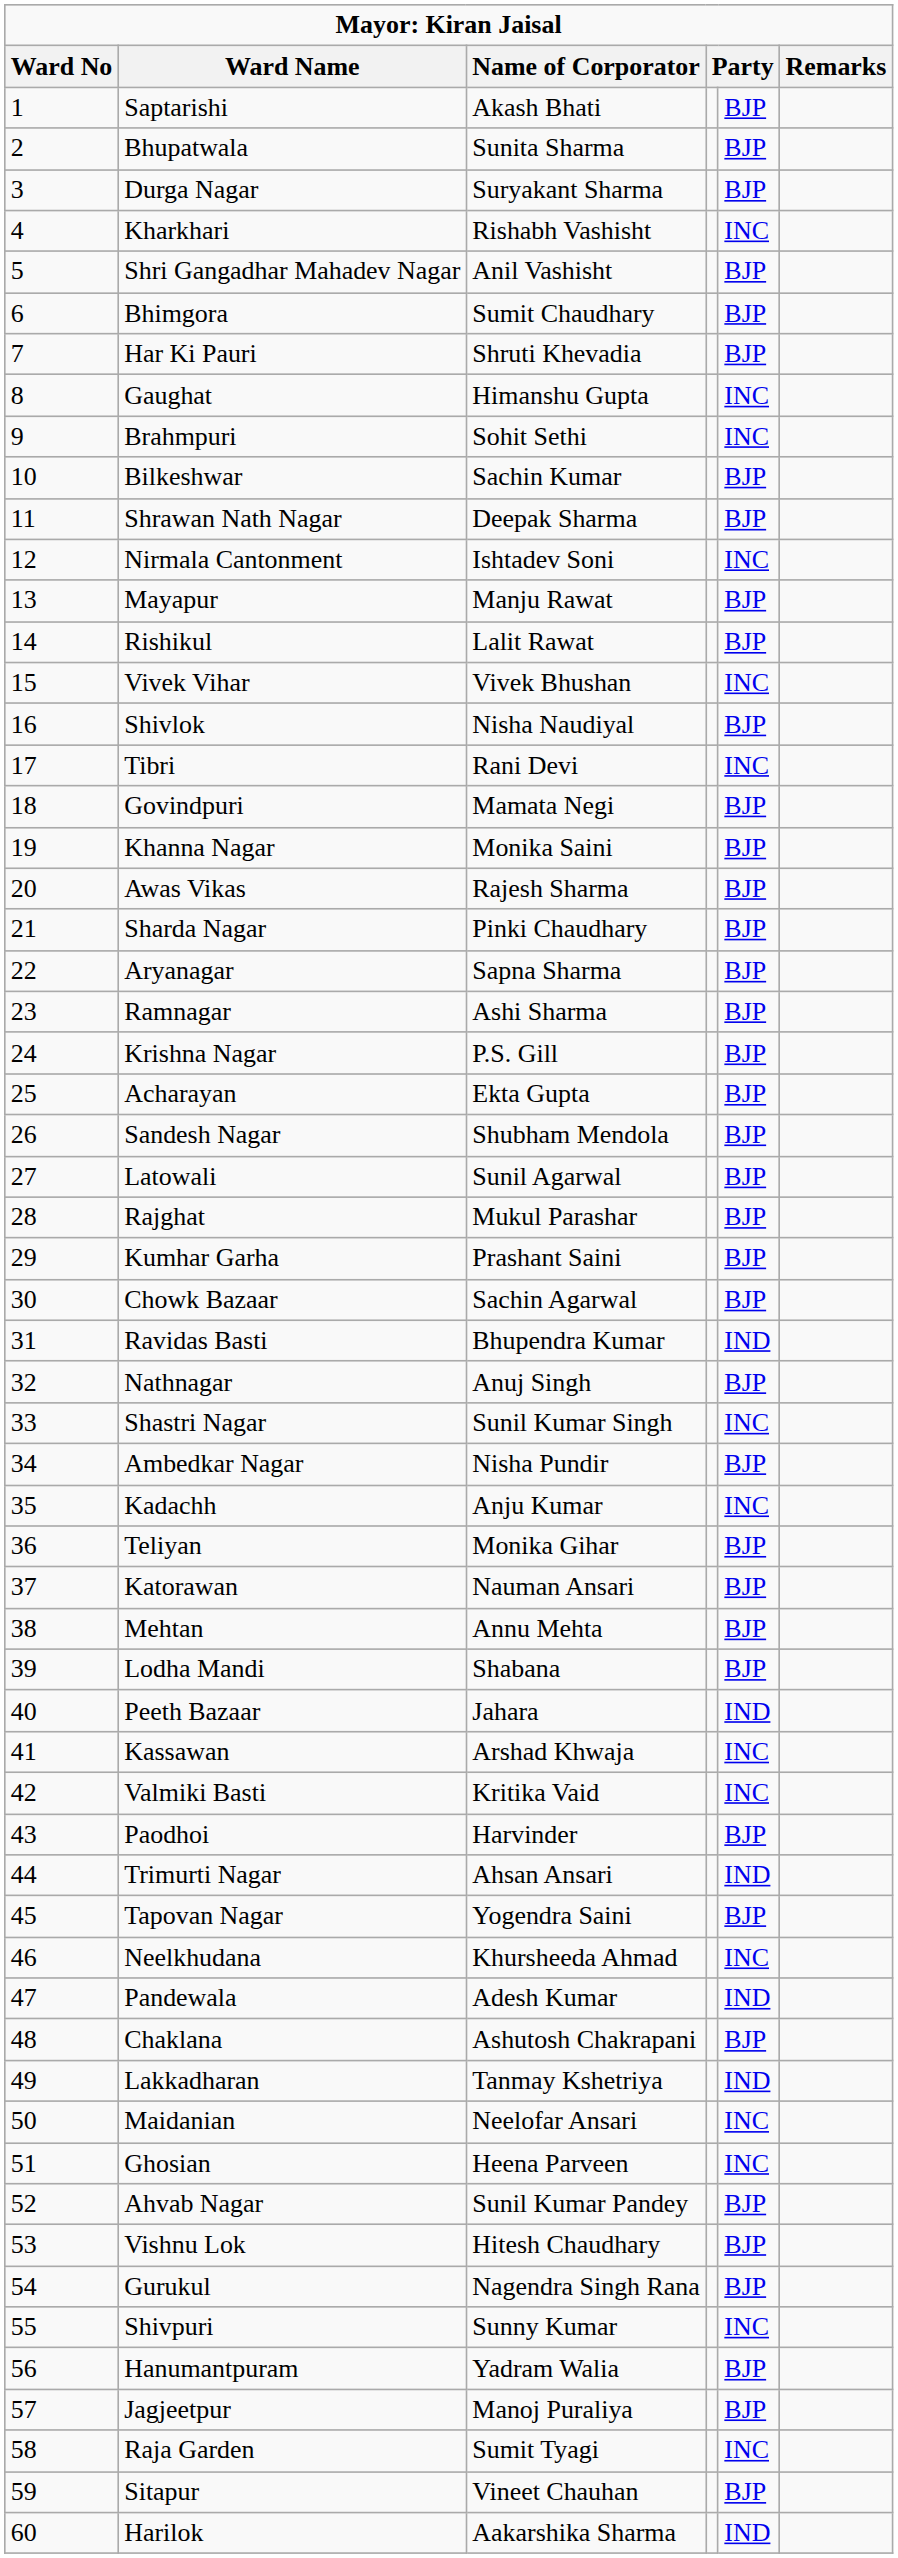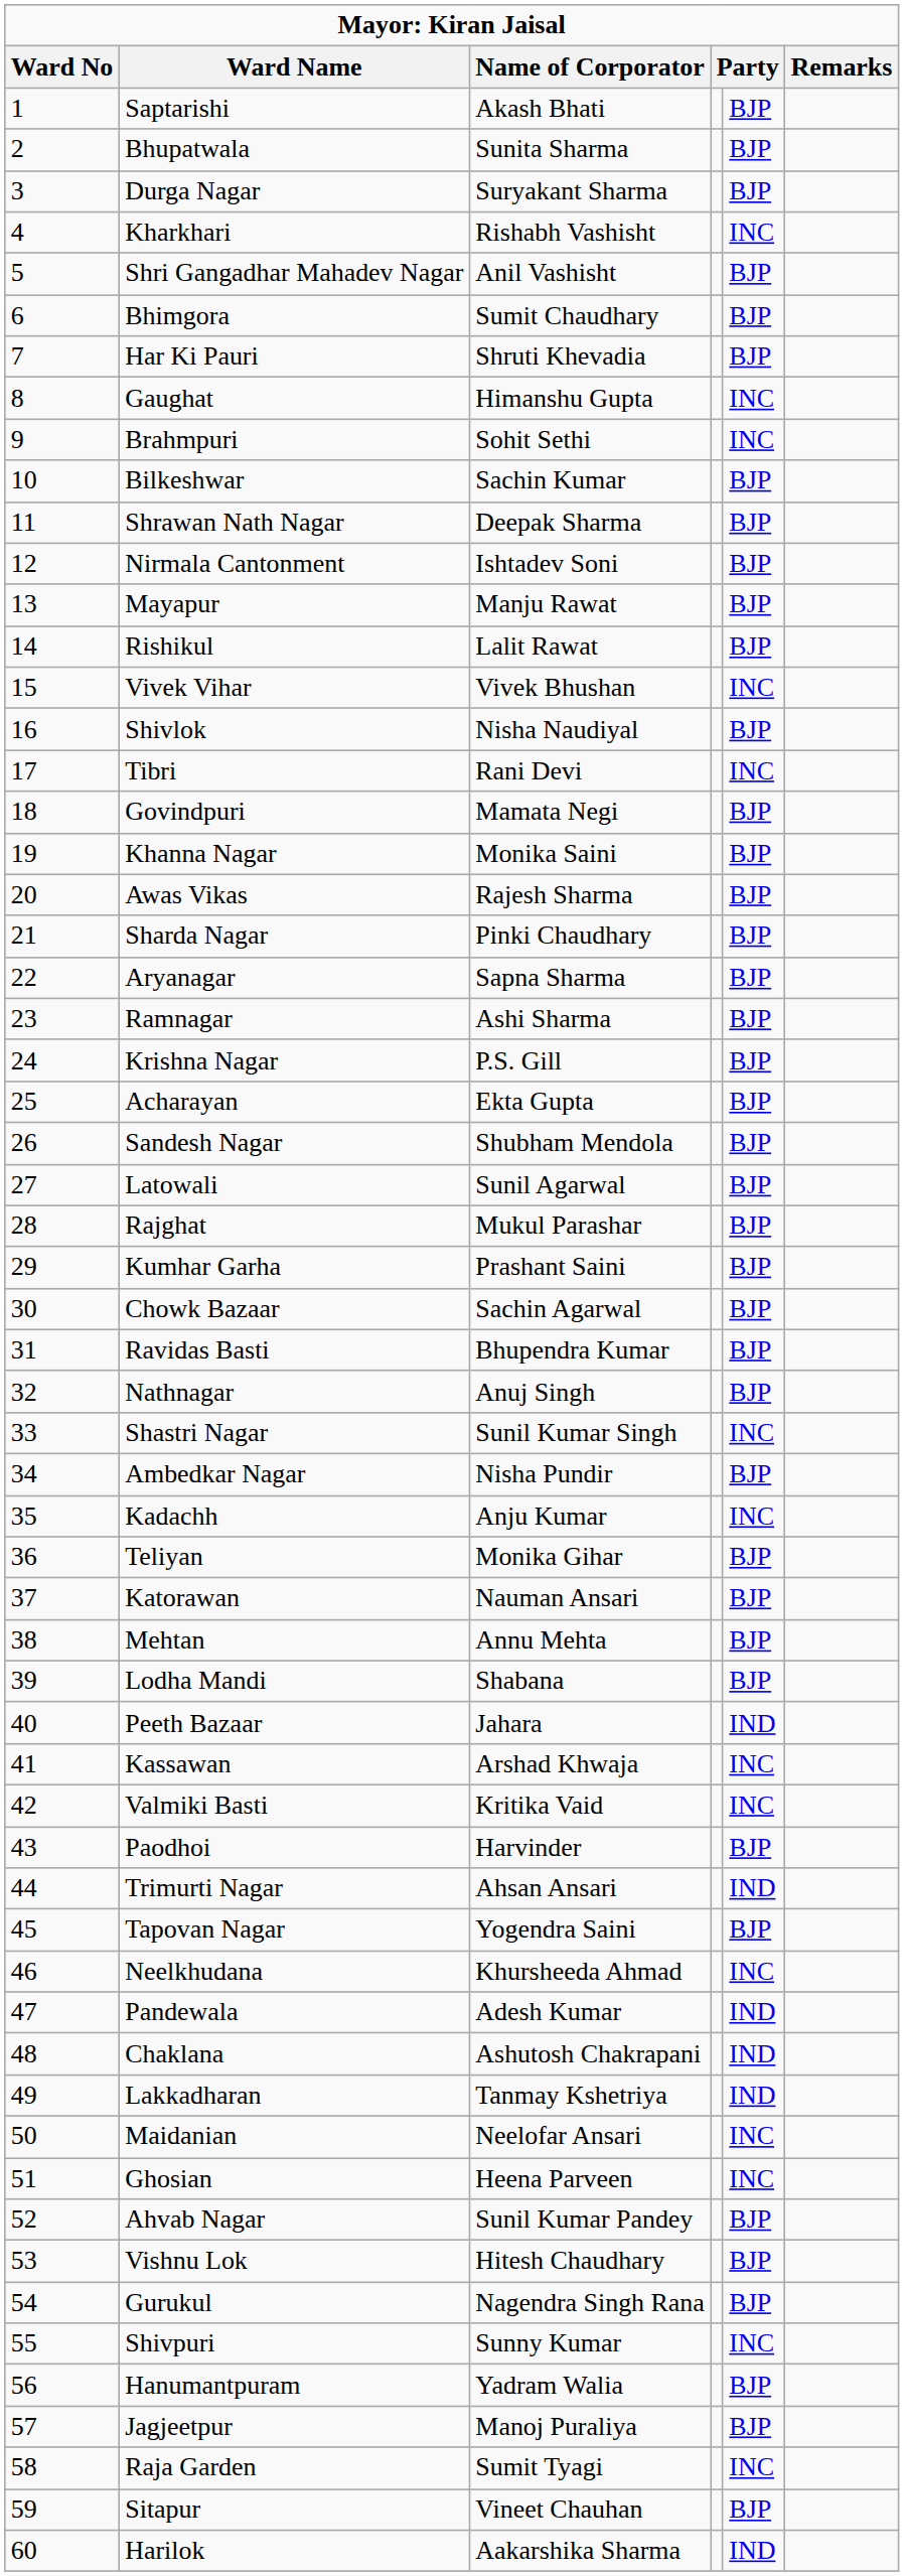 <table class="wikitable">
 <tr>
 <td colspan=6 align=center><span><strong>Mayor: Kiran Jaisal</strong></span></td>
 </tr>
 <tr>
 <th>Ward No</th>
 <th>Ward Name</th>
 <th>Name of Corporator</th>
 <th colspan="2">Party</th>
 <th>Remarks</th>
 </tr>
 <tr>
 <td>1</td>
 <td>Saptarishi</td>
 <td>Akash Bhati</td>
 <td style="background-color: "></td>
 <td><a href='#'>BJP</a></td>
 <td></td>
 </tr>
 <tr>
 <td>2</td>
 <td>Bhupatwala</td>
 <td>Sunita Sharma</td>
 <td style="background-color: "></td>
 <td><a href='#'>BJP</a></td>
 <td></td>
 </tr>
 <tr>
 <td>3</td>
 <td>Durga Nagar</td>
 <td>Suryakant Sharma</td>
 <td style="background-color: "></td>
 <td><a href='#'>BJP</a></td>
 <td></td>
 </tr>
 <tr>
 <td>4</td>
 <td>Kharkhari</td>
 <td>Rishabh Vashisht</td>
 <td style="background-color: "></td>
 <td><a href='#'>INC</a></td>
 <td></td>
 </tr>
 <tr>
 <td>5</td>
 <td>Shri Gangadhar Mahadev Nagar</td>
 <td>Anil Vashisht</td>
 <td style="background-color: "></td>
 <td><a href='#'>BJP</a></td>
 <td></td>
 </tr>
 <tr>
 <td>6</td>
 <td>Bhimgora</td>
 <td>Sumit Chaudhary</td>
 <td style="background-color: "></td>
 <td><a href='#'>BJP</a></td>
 <td></td>
 </tr>
 <tr>
 <td>7</td>
 <td>Har Ki Pauri</td>
 <td>Shruti Khevadia</td>
 <td style="background-color: "></td>
 <td><a href='#'>BJP</a></td>
 <td></td>
 </tr>
 <tr>
 <td>8</td>
 <td>Gaughat</td>
 <td>Himanshu Gupta</td>
 <td style="background-color: "></td>
 <td><a href='#'>INC</a></td>
 <td></td>
 </tr>
 <tr>
 <td>9</td>
 <td>Brahmpuri</td>
 <td>Sohit Sethi</td>
 <td style="background-color: "></td>
 <td><a href='#'>INC</a></td>
 <td></td>
 </tr>
 <tr>
 <td>10</td>
 <td>Bilkeshwar</td>
 <td>Sachin Kumar</td>
 <td style="background-color: "></td>
 <td><a href='#'>BJP</a></td>
 <td></td>
 </tr>
 <tr>
 <td>11</td>
 <td>Shrawan Nath Nagar</td>
 <td>Deepak Sharma</td>
 <td style="background-color: "></td>
 <td><a href='#'>BJP</a></td>
 <td></td>
 </tr>
 <tr>
 <td>12</td>
 <td>Nirmala Cantonment</td>
 <td>Ishtadev Soni</td>
 <td style="background-color: "></td>
-<td><a href='#'>INC</a></td>
+<td><a href='#'>BJP</a></td>
 <td></td>
 </tr>
 <tr>
 <td>13</td>
 <td>Mayapur</td>
 <td>Manju Rawat</td>
 <td style="background-color: "></td>
 <td><a href='#'>BJP</a></td>
 <td></td>
 </tr>
 <tr>
 <td>14</td>
 <td>Rishikul</td>
 <td>Lalit Rawat</td>
 <td style="background-color: "></td>
 <td><a href='#'>BJP</a></td>
 <td></td>
 </tr>
 <tr>
 <td>15</td>
 <td>Vivek Vihar</td>
 <td>Vivek Bhushan</td>
 <td style="background-color: "></td>
 <td><a href='#'>INC</a></td>
 <td></td>
 </tr>
 <tr>
 <td>16</td>
 <td>Shivlok</td>
 <td>Nisha Naudiyal</td>
 <td style="background-color: "></td>
 <td><a href='#'>BJP</a></td>
 <td></td>
 </tr>
 <tr>
 <td>17</td>
 <td>Tibri</td>
 <td>Rani Devi</td>
 <td style="background-color: "></td>
 <td><a href='#'>INC</a></td>
 <td></td>
 </tr>
 <tr>
 <td>18</td>
 <td>Govindpuri</td>
 <td>Mamata Negi</td>
 <td style="background-color: "></td>
 <td><a href='#'>BJP</a></td>
 <td></td>
 </tr>
 <tr>
 <td>19</td>
 <td>Khanna Nagar</td>
 <td>Monika Saini</td>
 <td style="background-color: "></td>
 <td><a href='#'>BJP</a></td>
 <td></td>
 </tr>
 <tr>
 <td>20</td>
 <td>Awas Vikas</td>
 <td>Rajesh Sharma</td>
 <td style="background-color: "></td>
 <td><a href='#'>BJP</a></td>
 <td></td>
 </tr>
 <tr>
 <td>21</td>
 <td>Sharda Nagar</td>
 <td>Pinki Chaudhary</td>
 <td style="background-color: "></td>
 <td><a href='#'>BJP</a></td>
 <td></td>
 </tr>
 <tr>
 <td>22</td>
 <td>Aryanagar</td>
 <td>Sapna Sharma</td>
 <td style="background-color: "></td>
 <td><a href='#'>BJP</a></td>
 <td></td>
 </tr>
 <tr>
 <td>23</td>
 <td>Ramnagar</td>
 <td>Ashi Sharma</td>
 <td style="background-color: "></td>
 <td><a href='#'>BJP</a></td>
 <td></td>
 </tr>
 <tr>
 <td>24</td>
 <td>Krishna Nagar</td>
 <td>P.S. Gill</td>
 <td style="background-color: "></td>
 <td><a href='#'>BJP</a></td>
 <td></td>
 </tr>
 <tr>
 <td>25</td>
 <td>Acharayan</td>
 <td>Ekta Gupta</td>
 <td style="background-color: "></td>
 <td><a href='#'>BJP</a></td>
 <td></td>
 </tr>
 <tr>
 <td>26</td>
 <td>Sandesh Nagar</td>
 <td>Shubham Mendola</td>
 <td style="background-color: "></td>
 <td><a href='#'>BJP</a></td>
 <td></td>
 </tr>
 <tr>
 <td>27</td>
 <td>Latowali</td>
 <td>Sunil Agarwal</td>
 <td style="background-color: "></td>
 <td><a href='#'>BJP</a></td>
 <td></td>
 </tr>
 <tr>
 <td>28</td>
 <td>Rajghat</td>
 <td>Mukul Parashar</td>
 <td style="background-color: "></td>
 <td><a href='#'>BJP</a></td>
 <td></td>
 </tr>
 <tr>
 <td>29</td>
 <td>Kumhar Garha</td>
 <td>Prashant Saini</td>
 <td style="background-color: "></td>
 <td><a href='#'>BJP</a></td>
 <td></td>
 </tr>
 <tr>
 <td>30</td>
 <td>Chowk Bazaar</td>
 <td>Sachin Agarwal</td>
 <td style="background-color: "></td>
 <td><a href='#'>BJP</a></td>
 <td></td>
 </tr>
 <tr>
 <td>31</td>
 <td>Ravidas Basti</td>
 <td>Bhupendra Kumar</td>
 <td style="background-color: "></td>
-<td><a href='#'>IND</a></td>
+<td><a href='#'>BJP</a></td>
 <td></td>
 </tr>
 <tr>
 <td>32</td>
 <td>Nathnagar</td>
 <td>Anuj Singh</td>
 <td style="background-color: "></td>
 <td><a href='#'>BJP</a></td>
 <td></td>
 </tr>
 <tr>
 <td>33</td>
 <td>Shastri Nagar</td>
 <td>Sunil Kumar Singh</td>
 <td style="background-color: "></td>
 <td><a href='#'>INC</a></td>
 <td></td>
 </tr>
 <tr>
 <td>34</td>
 <td>Ambedkar Nagar</td>
 <td>Nisha Pundir</td>
 <td style="background-color: "></td>
 <td><a href='#'>BJP</a></td>
 <td></td>
 </tr>
 <tr>
 <td>35</td>
 <td>Kadachh</td>
 <td>Anju Kumar</td>
 <td style="background-color: "></td>
 <td><a href='#'>INC</a></td>
 <td></td>
 </tr>
 <tr>
 <td>36</td>
 <td>Teliyan</td>
 <td>Monika Gihar</td>
 <td style="background-color: "></td>
 <td><a href='#'>BJP</a></td>
 <td></td>
 </tr>
 <tr>
 <td>37</td>
 <td>Katorawan</td>
 <td>Nauman Ansari</td>
 <td style="background-color: "></td>
 <td><a href='#'>BJP</a></td>
 <td></td>
 </tr>
 <tr>
 <td>38</td>
 <td>Mehtan</td>
 <td>Annu Mehta</td>
 <td style="background-color: "></td>
 <td><a href='#'>BJP</a></td>
 <td></td>
 </tr>
 <tr>
 <td>39</td>
 <td>Lodha Mandi</td>
 <td>Shabana</td>
 <td style="background-color: "></td>
 <td><a href='#'>BJP</a></td>
 <td></td>
 </tr>
 <tr>
 <td>40</td>
 <td>Peeth Bazaar</td>
 <td>Jahara</td>
 <td style="background-color: "></td>
 <td><a href='#'>IND</a></td>
 <td></td>
 </tr>
 <tr>
 <td>41</td>
 <td>Kassawan</td>
 <td>Arshad Khwaja</td>
 <td style="background-color: "></td>
 <td><a href='#'>INC</a></td>
 <td></td>
 </tr>
 <tr>
 <td>42</td>
 <td>Valmiki Basti</td>
 <td>Kritika Vaid</td>
 <td style="background-color: "></td>
 <td><a href='#'>INC</a></td>
 <td></td>
 </tr>
 <tr>
 <td>43</td>
 <td>Paodhoi</td>
 <td>Harvinder</td>
 <td style="background-color: "></td>
 <td><a href='#'>BJP</a></td>
 <td></td>
 </tr>
 <tr>
 <td>44</td>
 <td>Trimurti Nagar</td>
 <td>Ahsan Ansari</td>
 <td style="background-color: "></td>
 <td><a href='#'>IND</a></td>
 <td></td>
 </tr>
 <tr>
 <td>45</td>
 <td>Tapovan Nagar</td>
 <td>Yogendra Saini</td>
 <td style="background-color: "></td>
 <td><a href='#'>BJP</a></td>
 <td></td>
 </tr>
 <tr>
 <td>46</td>
 <td>Neelkhudana</td>
 <td>Khursheeda Ahmad</td>
 <td style="background-color: "></td>
 <td><a href='#'>INC</a></td>
 <td></td>
 </tr>
 <tr>
 <td>47</td>
 <td>Pandewala</td>
 <td>Adesh Kumar</td>
 <td style="background-color: "></td>
 <td><a href='#'>IND</a></td>
 <td></td>
 </tr>
 <tr>
 <td>48</td>
 <td>Chaklana</td>
 <td>Ashutosh Chakrapani</td>
 <td style="background-color: "></td>
-<td><a href='#'>BJP</a></td>
+<td><a href='#'>IND</a></td>
 <td></td>
 </tr>
 <tr>
 <td>49</td>
 <td>Lakkadharan</td>
 <td>Tanmay Kshetriya</td>
 <td style="background-color: "></td>
 <td><a href='#'>IND</a></td>
 <td></td>
 </tr>
 <tr>
 <td>50</td>
 <td>Maidanian</td>
 <td>Neelofar Ansari</td>
 <td style="background-color: "></td>
 <td><a href='#'>INC</a></td>
 <td></td>
 </tr>
 <tr>
 <td>51</td>
 <td>Ghosian</td>
 <td>Heena Parveen</td>
 <td style="background-color: "></td>
 <td><a href='#'>INC</a></td>
 <td></td>
 </tr>
 <tr>
 <td>52</td>
 <td>Ahvab Nagar</td>
 <td>Sunil Kumar Pandey</td>
 <td style="background-color: "></td>
 <td><a href='#'>BJP</a></td>
 <td></td>
 </tr>
 <tr>
 <td>53</td>
 <td>Vishnu Lok</td>
 <td>Hitesh Chaudhary</td>
 <td style="background-color: "></td>
 <td><a href='#'>BJP</a></td>
 <td></td>
 </tr>
 <tr>
 <td>54</td>
 <td>Gurukul</td>
 <td>Nagendra Singh Rana</td>
 <td style="background-color: "></td>
 <td><a href='#'>BJP</a></td>
 <td></td>
 </tr>
 <tr>
 <td>55</td>
 <td>Shivpuri</td>
 <td>Sunny Kumar</td>
 <td style="background-color: "></td>
 <td><a href='#'>INC</a></td>
 <td></td>
 </tr>
 <tr>
 <td>56</td>
 <td>Hanumantpuram</td>
 <td>Yadram Walia</td>
 <td style="background-color: "></td>
 <td><a href='#'>BJP</a></td>
 <td></td>
 </tr>
 <tr>
 <td>57</td>
 <td>Jagjeetpur</td>
 <td>Manoj Puraliya</td>
 <td style="background-color: "></td>
 <td><a href='#'>BJP</a></td>
 <td></td>
 </tr>
 <tr>
 <td>58</td>
 <td>Raja Garden</td>
 <td>Sumit Tyagi</td>
 <td style="background-color: "></td>
 <td><a href='#'>INC</a></td>
 <td></td>
 </tr>
 <tr>
 <td>59</td>
 <td>Sitapur</td>
 <td>Vineet Chauhan</td>
 <td style="background-color: "></td>
 <td><a href='#'>BJP</a></td>
 <td></td>
 </tr>
 <tr>
 <td>60</td>
 <td>Harilok</td>
 <td>Aakarshika Sharma</td>
 <td style="background-color: "></td>
 <td><a href='#'>IND</a></td>
 <td></td>
 </tr>
 </table>
